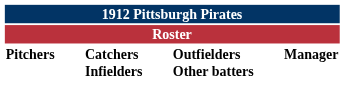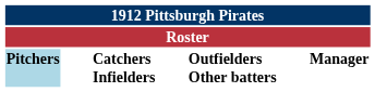 <table class="toccolours" style="font-size: 95%;">
 <tr>
 <th colspan="10" style="background-color: #023465; color: white; text-align: center;">1912 Pittsburgh Pirates</th>
 </tr>
 <tr>
 <td colspan="10" style="background-color: #ba313c; color: white; text-align: center;"><strong>Roster</strong></td>
 </tr>
 <tr>
-<td valign="top"><strong>Pitchers</strong><br>           </td>
+<td valign="top" style="background: lightblue;"><strong>Pitchers</strong><br>           </td>
 <td width="25px"></td>
 <td valign="top"><strong>Catchers</strong><br>    <strong>Infielders</strong>         </td>
 <td width="25px"></td>
 <td valign="top"><strong>Outfielders</strong><br>          <strong>Other batters</strong>   </td>
 <td width="25px"></td>
 <td valign="top"><strong>Manager</strong><br></td>
 </tr>
 </table>
